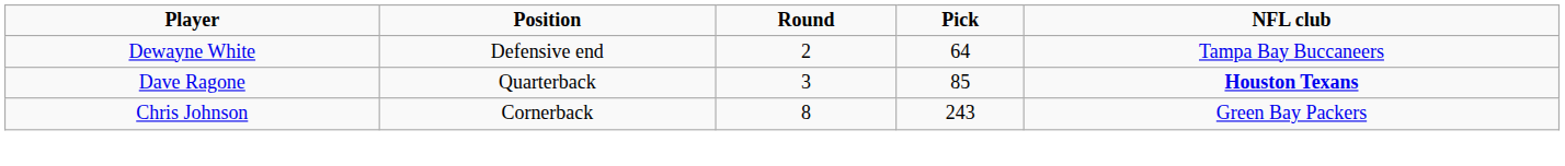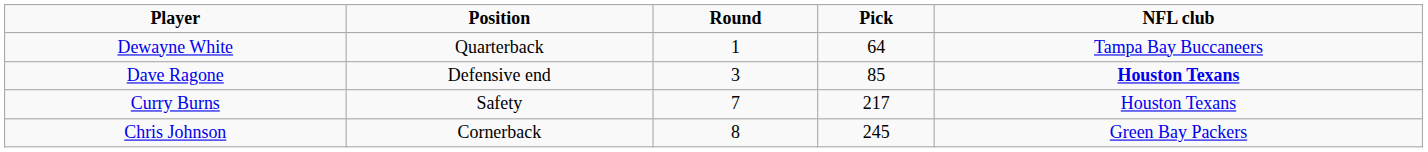 <table class="wikitable" width="80%">
 <tr align="center">
 <td><strong>Player</strong></td>
 <td><strong>Position</strong></td>
 <td><strong>Round</strong></td>
 <td><strong>Pick</strong></td>
 <td><strong>NFL club</strong></td>
 </tr>
 <tr align="center" bgcolor="">
 <td><a href='#'>Dewayne White</a></td>
-<td>Defensive end</td>
-<td>2</td>
+<td>Quarterback</td>
+<td>1</td>
 <td>64</td>
 <td><a href='#'>Tampa Bay Buccaneers</a></td>
 </tr>
 <tr align="center" bgcolor="">
 <td><a href='#'>Dave Ragone</a></td>
-<td>Quarterback</td>
+<td>Defensive end</td>
 <td>3</td>
 <td>85</td>
 <td><strong><a href='#'>Houston Texans</a></strong></td>
 </tr>
 <tr align="center" bgcolor="">
+<td><a href='#'>Curry Burns</a></td>
+<td>Safety</td>
+<td>7</td>
+<td>217</td>
+<td><a href='#'>Houston Texans</a></td>
+</tr>
+<tr align="center" bgcolor="">
 <td><a href='#'>Chris Johnson</a></td>
 <td>Cornerback</td>
 <td>8</td>
-<td>243</td>
+<td>245</td>
 <td><a href='#'>Green Bay Packers</a></td>
 </tr>
 </table>
